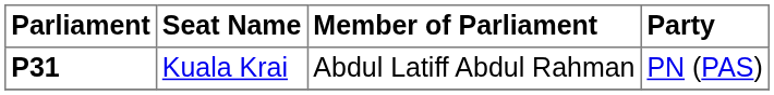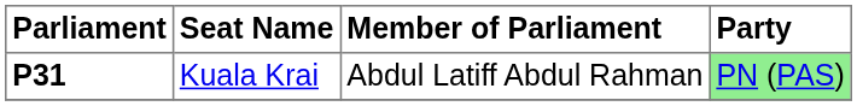 <table class="toccolours sortable" border="1" cellpadding="3" style="border-collapse:collapse; text-align: left;">
 <tr>
 <th align="center">Parliament</th>
 <th>Seat Name</th>
 <th>Member of Parliament</th>
 <th>Party</th>
 </tr>
 <tr>
 <th align="left">P31</th>
 <td><a href='#'>Kuala Krai</a></td>
 <td>Abdul Latiff Abdul Rahman</td>
-<td><a href='#'>PN</a> (<a href='#'>PAS</a>)</td>
+<td style="background: lightgreen;"><a href='#'>PN</a> (<a href='#'>PAS</a>)</td>
 </tr>
 <tr>
 </tr>
 </table>
